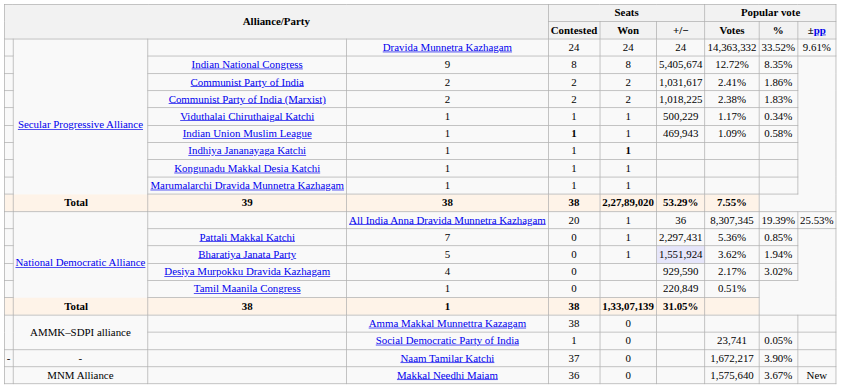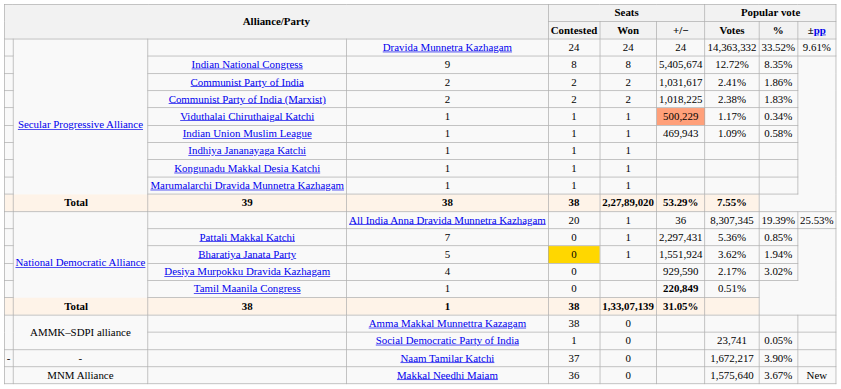 <table class="wikitable sortable" style="text-align:center;">
 <tr>
 <th colspan="4" rowspan="2">Alliance/Party</th>
 <th colspan="3">Seats</th>
 <th colspan="3">Popular vote</th>
 </tr>
 <tr>
 <th>Contested</th>
 <th>Won</th>
 <th><strong>+/−</strong></th>
 <th>Votes</th>
 <th>%</th>
 <th>±<a href='#'>pp</a></th>
 </tr>
 <tr>
 <td></td>
 <td rowspan=10><a href='#'>Secular Progressive Alliance</a></td>
 <td></td>
 <td><a href='#'>Dravida Munnetra Kazhagam</a></td>
 <td>24</td>
 <td>24</td>
 <td>24</td>
 <td>14,363,332</td>
 <td>33.52%</td>
 <td>9.61%</td>
 </tr>
 <tr>
 <td></td>
 <td><a href='#'>Indian National Congress</a></td>
 <td>9</td>
 <td>8</td>
 <td>8</td>
 <td>5,405,674</td>
 <td>12.72%</td>
 <td>8.35%</td>
 </tr>
 <tr>
 <td></td>
 <td><a href='#'>Communist Party of India</a></td>
 <td>2</td>
 <td>2</td>
 <td>2</td>
 <td>1,031,617</td>
 <td>2.41%</td>
 <td>1.86%</td>
 </tr>
 <tr>
 <td></td>
 <td><a href='#'>Communist Party of India (Marxist)</a></td>
 <td>2</td>
 <td>2</td>
 <td>2</td>
 <td>1,018,225</td>
 <td>2.38%</td>
 <td>1.83%</td>
 </tr>
 <tr>
 <td></td>
 <td><a href='#'>Viduthalai Chiruthaigal Katchi</a></td>
 <td>1</td>
 <td>1</td>
 <td>1</td>
-<td>500,229</td>
+<td style="background: lightsalmon;">500,229</td>
 <td>1.17%</td>
 <td>0.34%</td>
 </tr>
 <tr>
 <td></td>
 <td><a href='#'>Indian Union Muslim League</a></td>
 <td>1</td>
-<td><strong>1</strong></td>
+<td>1</td>
 <td>1</td>
 <td>469,943</td>
 <td>1.09%</td>
 <td>0.58%</td>
 </tr>
 <tr>
 <td></td>
 <td><a href='#'>Indhiya Jananayaga Katchi</a></td>
 <td>1</td>
 <td>1</td>
-<td><strong>1</strong></td>
+<td>1</td>
 <td></td>
 <td></td>
 <td></td>
 </tr>
 <tr>
 <td></td>
 <td><a href='#'>Kongunadu Makkal Desia Katchi</a></td>
 <td>1</td>
 <td>1</td>
 <td>1</td>
 <td></td>
 <td></td>
 <td></td>
 </tr>
 <tr>
 <td></td>
 <td><a href='#'>Marumalarchi Dravida Munnetra Kazhagam</a></td>
 <td>1</td>
 <td>1</td>
 <td>1</td>
 <td></td>
 <td></td>
 <td></td>
 </tr>
 <tr>
 <th colspan="2"style="background:#fef3e8">Total</th>
 <th style="background:#fef3e8">39</th>
 <th style="background:#fef3e8">38</th>
 <th style="background:#fef3e8">38</th>
 <th style="background:#fef3e8">2,27,89,020</th>
 <th style="background:#fef3e8">53.29%</th>
 <th style="background:#fef3e8"> 7.55%</th>
 </tr>
 <tr>
 <td></td>
 <td rowspan=6><a href='#'>National Democratic Alliance</a></td>
 <td></td>
 <td><a href='#'>All India Anna Dravida Munnetra Kazhagam</a></td>
 <td>20</td>
 <td>1</td>
 <td>36</td>
 <td>8,307,345</td>
 <td>19.39%</td>
 <td>25.53%</td>
 </tr>
 <tr>
 <td></td>
 <td><a href='#'>Pattali Makkal Katchi</a></td>
 <td>7</td>
 <td>0</td>
 <td>1</td>
 <td>2,297,431</td>
 <td>5.36%</td>
 <td>0.85%</td>
 </tr>
 <tr>
 <td></td>
 <td><a href='#'>Bharatiya Janata Party</a></td>
 <td>5</td>
-<td>0</td>
+<td style="background: gold;">0</td>
 <td>1</td>
-<td style="background: lavender;">1,551,924</td>
+<td>1,551,924</td>
 <td>3.62%</td>
 <td>1.94%</td>
 </tr>
 <tr>
 <td></td>
 <td><a href='#'>Desiya Murpokku Dravida Kazhagam</a></td>
 <td>4</td>
 <td>0</td>
 <td></td>
 <td>929,590</td>
 <td>2.17%</td>
 <td>3.02%</td>
 </tr>
 <tr>
 <td></td>
 <td><a href='#'>Tamil Maanila Congress</a></td>
 <td>1</td>
 <td>0</td>
 <td></td>
-<td>220,849</td>
+<td><strong>220,849</strong></td>
 <td>0.51%</td>
 </tr>
 <tr>
 <th colspan="2"style="background:#fef3e8">Total</th>
 <th style="background:#fef3e8">38</th>
 <th style="background:#fef3e8">1</th>
 <th style="background:#fef3e8">38</th>
 <th style="background:#fef3e8">1,33,07,139</th>
 <th style="background:#fef3e8">31.05%</th>
 <th style="background:#fef3e8"></th>
 </tr>
 <tr>
 <td rowspan=2></td>
 <td rowspan=2>AMMK–SDPI alliance</td>
 <td></td>
 <td><a href='#'>Amma Makkal Munnettra Kazagam</a></td>
 <td>38</td>
 <td>0</td>
 <td></td>
 <td></td>
 <td></td>
 <td></td>
 </tr>
 <tr>
 <td></td>
 <td><a href='#'>Social Democratic Party of India</a></td>
 <td>1</td>
 <td>0</td>
 <td></td>
 <td>23,741</td>
 <td>0.05%</td>
 </tr>
 <tr>
 <td>-</td>
 <td>-</td>
 <td></td>
 <td><a href='#'>Naam Tamilar Katchi</a></td>
 <td>37</td>
 <td>0</td>
 <td></td>
 <td>1,672,217</td>
 <td>3.90%</td>
 <td></td>
 </tr>
 <tr>
 <td></td>
 <td>MNM Alliance</td>
 <td></td>
 <td><a href='#'>Makkal Needhi Maiam</a></td>
 <td>36</td>
 <td>0</td>
 <td></td>
 <td>1,575,640</td>
 <td>3.67%</td>
 <td>New</td>
 </tr>
 </table>
